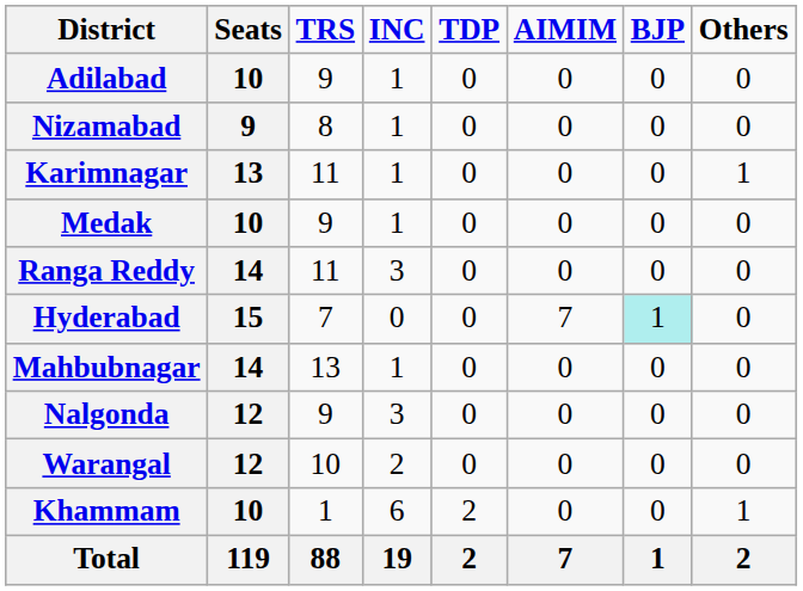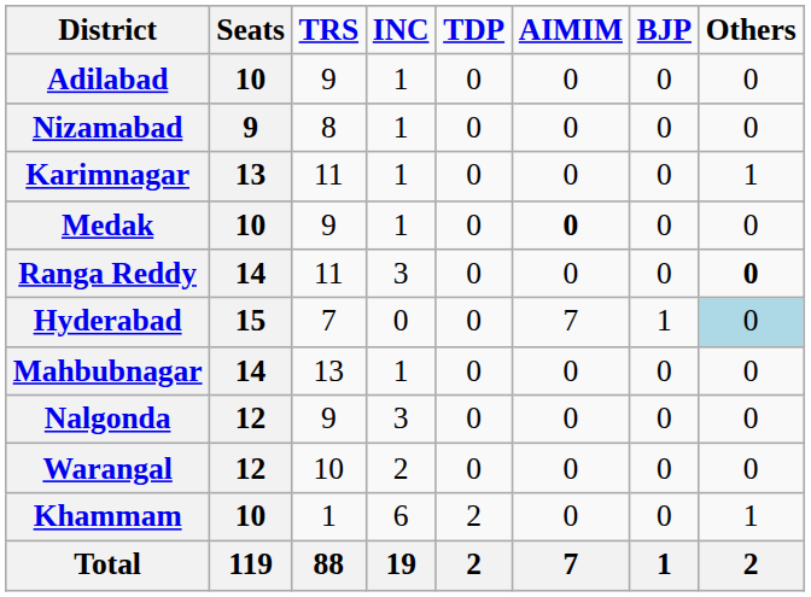 <table class="wikitable sortable" style="text-align:center;">
 <tr>
 <th>District</th>
 <th>Seats</th>
 <td><a href='#'><span><strong>TRS</strong></span></a></td>
 <td><a href='#'><span><strong>INC</strong></span></a></td>
 <td><a href='#'><span><strong>TDP</strong></span></a></td>
 <td><a href='#'><span><strong>AIMIM</strong></span></a></td>
 <td><a href='#'><span><strong>BJP</strong></span></a></td>
 <td><span><strong>Others</strong></span></td>
 </tr>
 <tr>
 <th><a href='#'>Adilabad</a></th>
 <th>10</th>
 <td style="background:">9</td>
 <td>1</td>
 <td>0</td>
 <td>0</td>
 <td>0</td>
 <td>0</td>
 </tr>
 <tr>
 <th><a href='#'>Nizamabad</a></th>
 <th>9</th>
 <td style="background:">8</td>
 <td>1</td>
 <td>0</td>
 <td>0</td>
 <td>0</td>
 <td>0</td>
 </tr>
 <tr>
 <th><a href='#'>Karimnagar</a></th>
 <th>13</th>
 <td style="background:">11</td>
 <td>1</td>
 <td>0</td>
 <td>0</td>
 <td>0</td>
 <td>1</td>
 </tr>
 <tr>
 <th><a href='#'>Medak</a></th>
 <th>10</th>
 <td style="background:">9</td>
 <td>1</td>
 <td>0</td>
-<td>0</td>
+<td><strong>0</strong></td>
 <td>0</td>
 <td>0</td>
 </tr>
 <tr>
 <th><a href='#'>Ranga Reddy</a></th>
 <th>14</th>
 <td style="background:">11</td>
 <td>3</td>
 <td>0</td>
 <td>0</td>
 <td>0</td>
-<td>0</td>
+<td><strong>0</strong></td>
 </tr>
 <tr>
 <th><a href='#'>Hyderabad</a></th>
 <th>15</th>
 <td>7</td>
 <td>0</td>
 <td>0</td>
 <td>7</td>
-<td style="background: paleturquoise;">1</td>
-<td>0</td>
+<td>1</td>
+<td style="background: lightblue;">0</td>
 </tr>
 <tr>
 <th><a href='#'>Mahbubnagar</a></th>
 <th>14</th>
 <td style="background:">13</td>
 <td>1</td>
 <td>0</td>
 <td>0</td>
 <td>0</td>
 <td>0</td>
 </tr>
 <tr>
 <th><a href='#'>Nalgonda</a></th>
 <th>12</th>
 <td style="background:">9</td>
 <td>3</td>
 <td>0</td>
 <td>0</td>
 <td>0</td>
 <td>0</td>
 </tr>
 <tr>
 <th><a href='#'>Warangal</a></th>
 <th>12</th>
 <td style="background:">10</td>
 <td>2</td>
 <td>0</td>
 <td>0</td>
 <td>0</td>
 <td>0</td>
 </tr>
 <tr>
 <th><a href='#'>Khammam</a></th>
 <th>10</th>
 <td>1</td>
 <td style="background:">6</td>
 <td>2</td>
 <td>0</td>
 <td>0</td>
 <td>1</td>
 </tr>
 <tr>
 <th>Total</th>
 <th>119</th>
 <th>88</th>
 <th>19</th>
 <th>2</th>
 <th>7</th>
 <th>1</th>
 <th>2</th>
 </tr>
 </table>
